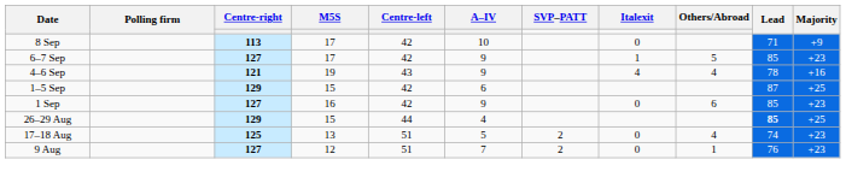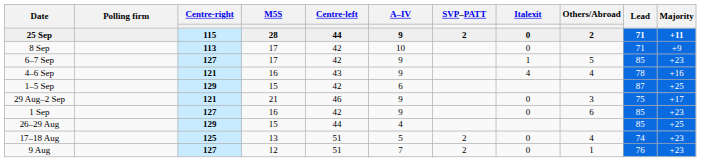 <table class="wikitable collapsible" style="text-align:center;font-size:85%;line-height:13px">
 <tr style="height:30px; background-color:#E9E9E9">
 <th rowspan="2" style="width:100px;">Date</th>
 <th rowspan="2" style="width:150px;">Polling firm</th>
 <th style="width:90px;"><a href='#'>Centre-right</a></th>
 <th style="width:90px;"><a href='#'>M5S</a></th>
 <th style="width:90px;"><a href='#'>Centre-left</a></th>
 <th style="width:90px;"><a href='#'>A–IV</a></th>
 <th style="width:90px;"><a href='#'>SVP</a>–<a href='#'>PATT</a></th>
 <th style="width:90px;"><a href='#'>Italexit</a></th>
 <th style="width:90px;">Others/Abroad</th>
 <th style="width:45px;" rowspan="2">Lead</th>
 <th style="width:45px;" rowspan="2">Majority</th>
 </tr>
 <tr>
 <th style="background:"></th>
 <th style="background:"></th>
 <th style="background:"></th>
 <th style="background:"></th>
 <td></td>
 <td></td>
 <th style="background:"></th>
+</tr>
+<tr style="background:#EFEFEF; font-weight:bold;">
+<td>25 Sep</td>
+<td> </td>
+<td style="background:#C8EBFF">115</td>
+<td>28</td>
+<td>44</td>
+<td>9</td>
+<td>2</td>
+<td>0</td>
+<td>2</td>
+<td style="background:#0A6BE1; color:white;">71</td>
+<td style="background:#0A6BE1; color:white;">+11</td>
 </tr>
 <tr>
 <td>8 Sep</td>
 <td></td>
 <td style="background:#C8EBFF"><strong>113</strong></td>
 <td>17</td>
 <td>42</td>
 <td>10</td>
 <td></td>
 <td>0</td>
 <td></td>
 <td style="background:#0A6BE1; color:white;">71</td>
 <td style="background:#0A6BE1; color:white;">+9</td>
 </tr>
 <tr>
 <td>6–7 Sep</td>
 <td></td>
 <td style="background:#C8EBFF"><strong>127</strong></td>
 <td>17</td>
 <td>42</td>
 <td>9</td>
 <td></td>
 <td>1</td>
 <td>5</td>
 <td style="background:#0A6BE1; color:white;">85</td>
 <td style="background:#0A6BE1; color:white;">+23</td>
 </tr>
 <tr>
 <td>4–6 Sep</td>
 <td></td>
 <td style="background:#C8EBFF"><strong>121</strong></td>
-<td>19</td>
+<td>16</td>
 <td>43</td>
 <td>9</td>
 <td></td>
 <td>4</td>
 <td>4</td>
 <td style="background:#0A6BE1; color:white;">78</td>
 <td style="background:#0A6BE1; color:white;">+16</td>
 </tr>
 <tr>
 <td>1–5 Sep</td>
 <td></td>
 <td style="background:#C8EBFF"><strong>129</strong></td>
 <td>15</td>
 <td>42</td>
 <td>6</td>
 <td></td>
 <td></td>
 <td></td>
 <td style="background:#0A6BE1; color:white;">87</td>
 <td style="background:#0A6BE1; color:white;">+25</td>
+</tr>
+<tr>
+<td>29 Aug–2 Sep</td>
+<td></td>
+<td style="background:#C8EBFF"><strong>121</strong></td>
+<td>21</td>
+<td>46</td>
+<td>9</td>
+<td></td>
+<td>0</td>
+<td>3</td>
+<td style="background:#0A6BE1; color:white;">75</td>
+<td style="background:#0A6BE1; color:white;">+17</td>
 </tr>
 <tr>
 <td>1 Sep</td>
 <td></td>
 <td style="background:#C8EBFF"><strong>127</strong></td>
 <td>16</td>
 <td>42</td>
 <td>9</td>
 <td></td>
 <td>0</td>
 <td>6</td>
 <td style="background:#0A6BE1; color:white;">85</td>
 <td style="background:#0A6BE1; color:white;">+23</td>
 </tr>
 <tr>
 <td>26–29 Aug</td>
 <td></td>
 <td style="background:#C8EBFF"><strong>129</strong></td>
 <td>15</td>
 <td>44</td>
 <td>4</td>
 <td></td>
 <td></td>
 <td></td>
-<td style="background:#0A6BE1; color:white;"><strong>85</strong></td>
+<td style="background:#0A6BE1; color:white;">85</td>
 <td style="background:#0A6BE1; color:white;">+25</td>
 </tr>
 <tr>
 <td>17–18 Aug</td>
 <td></td>
 <td style="background:#C8EBFF"><strong>125</strong></td>
 <td>13</td>
 <td>51</td>
 <td>5</td>
 <td>2</td>
 <td>0</td>
 <td>4</td>
 <td style="background:#0A6BE1; color:white;">74</td>
 <td style="background:#0A6BE1; color:white;">+23</td>
 </tr>
 <tr>
 <td>9 Aug</td>
 <td></td>
 <td style="background:#C8EBFF"><strong>127</strong></td>
 <td>12</td>
 <td>51</td>
 <td>7</td>
 <td>2</td>
 <td>0</td>
 <td>1</td>
 <td style="background:#0A6BE1; color:white;">76</td>
 <td style="background:#0A6BE1; color:white;">+23</td>
 </tr>
 </table>
